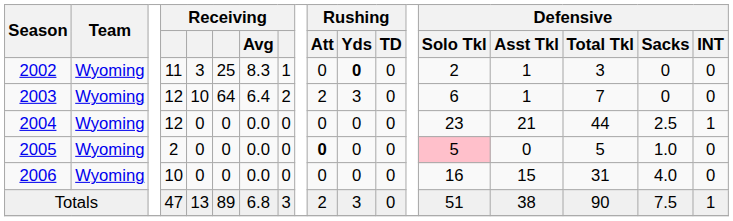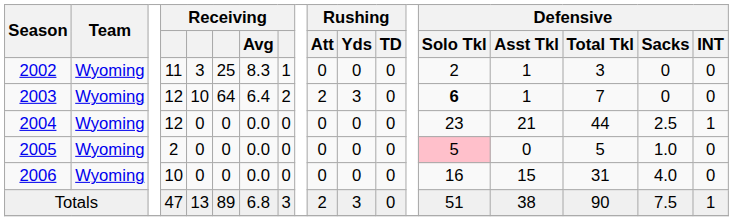 <table class="wikitable" style="text-align:center">
 <tr>
 <th rowspan=2>Season</th>
 <th rowspan=2>Team</th>
 <th rowspan="8" style="background:#FFF"> </th>
 <th colspan="5">Receiving</th>
 <th rowspan="8" style="background:#FFF"> </th>
 <th colspan="3">Rushing</th>
 <th rowspan="8" style="background:#FFF"> </th>
 <th colspan="11">Defensive</th>
 </tr>
 <tr>
 <th></th>
 <th align="center"></th>
 <th></th>
 <th>Avg</th>
 <th></th>
 <th align="center">Att</th>
 <th>Yds</th>
 <th>TD</th>
 <th align="center">Solo Tkl</th>
 <th>Asst Tkl</th>
 <th>Total Tkl</th>
 <th>Sacks</th>
 <th align="center">INT</th>
 </tr>
 <tr style="text-align:center;">
 <td><a href='#'>2002</a></td>
 <td><a href='#'>Wyoming</a></td>
 <td>11</td>
 <td>3</td>
 <td>25</td>
 <td>8.3</td>
 <td>1</td>
 <td>0</td>
-<td><strong>0</strong></td>
+<td>0</td>
 <td>0</td>
 <td>2</td>
 <td>1</td>
 <td>3</td>
 <td>0</td>
 <td>0</td>
 </tr>
 <tr style="text-align:center;">
 <td><a href='#'>2003</a></td>
 <td><a href='#'>Wyoming</a></td>
 <td>12</td>
 <td>10</td>
 <td>64</td>
 <td>6.4</td>
 <td>2</td>
 <td>2</td>
 <td>3</td>
 <td>0</td>
-<td>6</td>
+<td><strong>6</strong></td>
 <td>1</td>
 <td>7</td>
 <td>0</td>
 <td>0</td>
 </tr>
 <tr style="text-align:center;">
 <td><a href='#'>2004</a></td>
 <td><a href='#'>Wyoming</a></td>
 <td>12</td>
 <td>0</td>
 <td>0</td>
 <td>0.0</td>
 <td>0</td>
 <td>0</td>
 <td>0</td>
 <td>0</td>
 <td>23</td>
 <td>21</td>
 <td>44</td>
 <td>2.5</td>
 <td>1</td>
 </tr>
 <tr style="text-align:center;">
 <td><a href='#'>2005</a></td>
 <td><a href='#'>Wyoming</a></td>
 <td>2</td>
 <td>0</td>
 <td>0</td>
 <td>0.0</td>
 <td>0</td>
-<td><strong>0</strong></td>
+<td>0</td>
 <td>0</td>
 <td>0</td>
 <td style="background: pink;">5</td>
 <td>0</td>
 <td>5</td>
 <td>1.0</td>
 <td>0</td>
 </tr>
 <tr style="text-align:center;">
 <td><a href='#'>2006</a></td>
 <td><a href='#'>Wyoming</a></td>
 <td>10</td>
 <td>0</td>
 <td>0</td>
 <td>0.0</td>
 <td>0</td>
 <td>0</td>
 <td>0</td>
 <td>0</td>
 <td>16</td>
 <td>15</td>
 <td>31</td>
 <td>4.0</td>
 <td>0</td>
 </tr>
 <tr style="text-align:center; background:#f0f0f0;">
 <td colspan=2>Totals</td>
 <td>47</td>
 <td>13</td>
 <td>89</td>
 <td>6.8</td>
 <td>3</td>
 <td>2</td>
 <td>3</td>
 <td>0</td>
 <td>51</td>
 <td>38</td>
 <td>90</td>
 <td>7.5</td>
 <td>1</td>
 </tr>
 <tr>
 </tr>
 </table>
